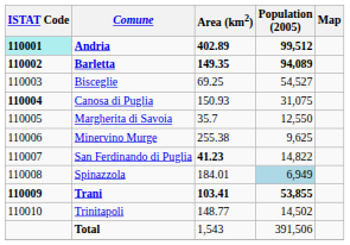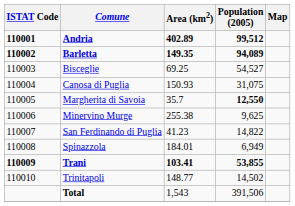 <table class="wikitable sortable">
 <tr>
 <th><a href='#'>ISTAT</a> Code</th>
 <th><em><a href='#'>Comune</a></em></th>
 <th>Area (km<sup>2</sup>)</th>
 <th>Population <br>(2005)</th>
 <th>Map</th>
 </tr>
 <tr>
-<td style="background: paleturquoise;"><strong>110001</strong></td>
+<td><strong>110001</strong></td>
 <td><a href='#'><strong>Andria</strong></a></td>
 <td><strong>402.89</strong></td>
 <td align="right"><strong>99,512</strong></td>
 <td></td>
 </tr>
 <tr>
 <td><strong>110002</strong></td>
 <td><strong><a href='#'>Barletta</a></strong></td>
 <td><strong>149.35</strong></td>
 <td align="right"><strong>94,089</strong></td>
 <td></td>
 </tr>
 <tr>
 <td>110003</td>
 <td><a href='#'>Bisceglie</a></td>
 <td>69.25</td>
 <td align="right">54,527</td>
 <td></td>
 </tr>
 <tr>
-<td><strong>110004</strong></td>
+<td>110004</td>
 <td><a href='#'>Canosa di Puglia</a></td>
 <td>150.93</td>
 <td align="right">31,075</td>
 <td></td>
 </tr>
 <tr>
 <td>110005</td>
 <td><a href='#'>Margherita di Savoia</a></td>
 <td>35.7</td>
-<td align="right">12,550</td>
+<td align="right"><strong>12,550</strong></td>
 <td></td>
 </tr>
 <tr>
 <td>110006</td>
 <td><a href='#'>Minervino Murge</a></td>
 <td>255.38</td>
 <td align="right">9,625</td>
 <td></td>
 </tr>
 <tr>
 <td>110007</td>
 <td><a href='#'>San Ferdinando di Puglia</a></td>
-<td><strong>41.23</strong></td>
+<td>41.23</td>
 <td align="right">14,822</td>
 <td></td>
 </tr>
 <tr>
 <td>110008</td>
 <td><a href='#'>Spinazzola</a></td>
 <td>184.01</td>
-<td align="right" style="background: lightblue;">6,949</td>
+<td align="right">6,949</td>
 <td></td>
 </tr>
 <tr>
 <td><strong>110009</strong></td>
 <td><a href='#'><strong>Trani</strong></a></td>
 <td><strong>103.41</strong></td>
 <td align="right"><strong>53,855</strong></td>
 <td></td>
 </tr>
 <tr>
 <td>110010</td>
 <td><a href='#'>Trinitapoli</a></td>
 <td>148.77</td>
 <td align="right">14,502</td>
 <td></td>
 </tr>
 <tr>
 <td></td>
 <td><strong>Total</strong></td>
 <td>1,543</td>
 <td align="right">391,506</td>
 <td></td>
 </tr>
 <tr>
 </tr>
 </table>
